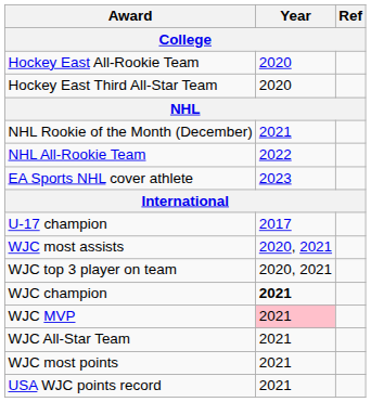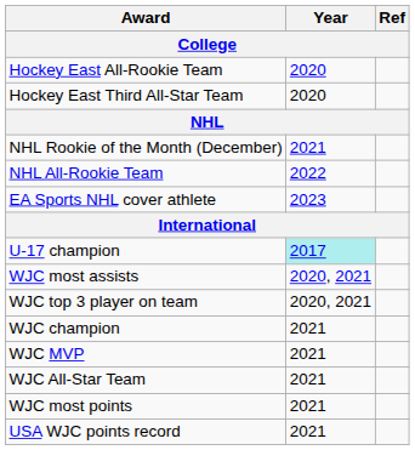 <table class="wikitable">
 <tr>
 <th>Award</th>
 <th>Year</th>
 <th>Ref</th>
 </tr>
 <tr>
 <th colspan="3"><a href='#'>College</a></th>
 </tr>
 <tr>
 <td><a href='#'>Hockey East</a> All-Rookie Team</td>
 <td><a href='#'>2020</a></td>
 <td></td>
 </tr>
 <tr>
 <td>Hockey East Third All-Star Team</td>
 <td>2020</td>
 <td></td>
 </tr>
 <tr>
 <th colspan="3"><a href='#'>NHL</a></th>
 </tr>
 <tr>
 <td>NHL Rookie of the Month (December)</td>
 <td><a href='#'>2021</a></td>
 <td></td>
 </tr>
 <tr>
 <td><a href='#'>NHL All-Rookie Team</a></td>
 <td><a href='#'>2022</a></td>
 <td></td>
 </tr>
 <tr>
 <td><a href='#'>EA Sports NHL</a> cover athlete</td>
 <td><a href='#'>2023</a></td>
 <td></td>
 </tr>
 <tr>
 <th colspan="3"><a href='#'>International</a></th>
 </tr>
 <tr>
 <td><a href='#'>U-17</a> champion</td>
-<td><a href='#'>2017</a></td>
+<td style="background: paleturquoise;"><a href='#'>2017</a></td>
 <td></td>
 </tr>
 <tr>
 <td><a href='#'>WJC</a> most assists</td>
 <td><a href='#'>2020</a>, <a href='#'>2021</a></td>
 <td></td>
 </tr>
 <tr>
 <td>WJC top 3 player on team</td>
 <td>2020, 2021</td>
 <td></td>
 </tr>
 <tr>
 <td>WJC champion</td>
-<td><strong>2021</strong></td>
+<td>2021</td>
 <td></td>
 </tr>
 <tr>
 <td>WJC <a href='#'>MVP</a></td>
-<td style="background: pink;">2021</td>
+<td>2021</td>
 <td></td>
 </tr>
 <tr>
 <td>WJC All-Star Team</td>
 <td>2021</td>
 <td></td>
 </tr>
 <tr>
 <td>WJC most points</td>
 <td>2021</td>
 <td></td>
 </tr>
 <tr>
 <td><a href='#'>USA</a> WJC points record</td>
 <td>2021</td>
 <td></td>
 </tr>
 </table>
